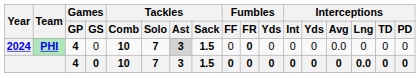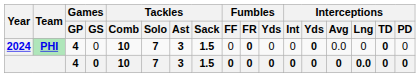 <table class="wikitable" style="text-align:center">
 <tr>
 <th rowspan="2">Year</th>
 <th rowspan="2">Team</th>
 <th colspan="2">Games</th>
 <th colspan="4">Tackles</th>
 <th colspan="3">Fumbles</th>
 <th colspan="6">Interceptions</th>
 </tr>
 <tr>
 <th>GP</th>
 <th>GS</th>
 <th>Comb</th>
 <th>Solo</th>
 <th>Ast</th>
 <th>Sack</th>
 <th>FF</th>
 <th>FR</th>
 <th>Yds</th>
 <th>Int</th>
 <th>Yds</th>
 <th>Avg</th>
 <th>Lng</th>
 <th>TD</th>
 <th>PD</th>
 </tr>
 <tr>
 <th><a href='#'>2024</a></th>
 <th style="background:#afe6ba;"><a href='#'>PHI</a></th>
 <td><strong>4</strong></td>
 <td>0</td>
 <td><strong>10</strong></td>
 <td><strong>7</strong></td>
-<td style="background: lightgrey;"><strong>3</strong></td>
+<td><strong>3</strong></td>
 <td><strong>1.5</strong></td>
 <td>0</td>
 <td><strong>0</strong></td>
 <td>0</td>
 <td>0</td>
-<td>0</td>
+<td><strong>0</strong></td>
 <td>0.0</td>
 <td>0</td>
-<td>0</td>
+<td><strong>0</strong></td>
 <td>0</td>
 </tr>
 <tr>
 <th colspan="2"></th>
 <th>4</th>
 <th>0</th>
 <th>10</th>
 <th>7</th>
 <th>3</th>
 <th>1.5</th>
 <th>0</th>
 <th>0</th>
 <th>0</th>
 <th>0</th>
 <th>0</th>
 <th>0</th>
 <th>0.0</th>
 <th>0</th>
 <th>0</th>
 </tr>
 </table>
